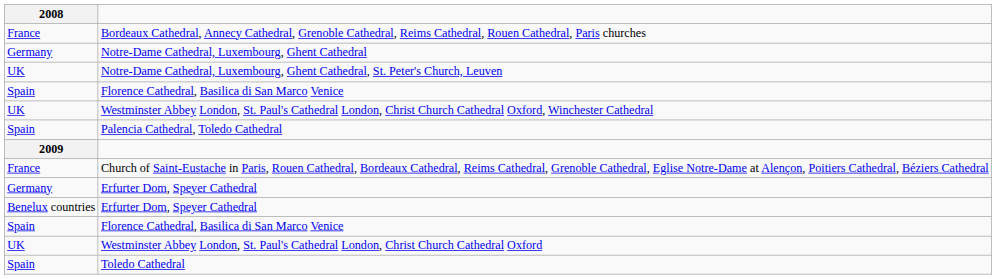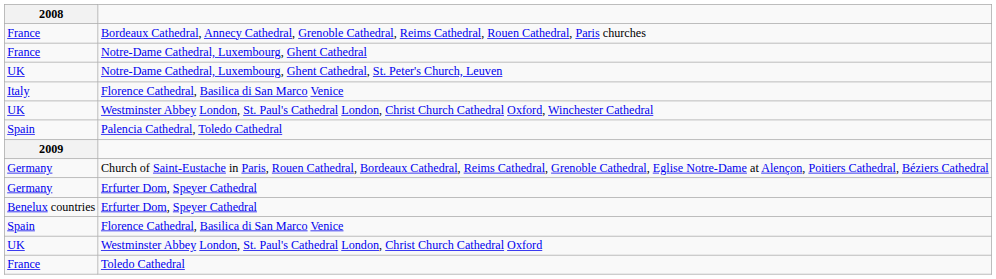 <table class="wikitable">
 <tr>
 <th>2008</th>
 </tr>
 <tr>
 <td><a href='#'>France</a></td>
 <td><a href='#'>Bordeaux Cathedral</a>, <a href='#'>Annecy Cathedral</a>, <a href='#'>Grenoble Cathedral</a>, <a href='#'>Reims Cathedral</a>, <a href='#'>Rouen Cathedral</a>, <a href='#'>Paris</a> churches</td>
 </tr>
 <tr>
-<td><a href='#'>Germany</a></td>
+<td><a href='#'>France</a></td>
 <td><a href='#'>Notre-Dame Cathedral, Luxembourg</a>, <a href='#'>Ghent Cathedral</a></td>
 </tr>
 <tr>
 <td><a href='#'>UK</a></td>
 <td><a href='#'>Notre-Dame Cathedral, Luxembourg</a>, <a href='#'>Ghent Cathedral</a>, <a href='#'>St. Peter's Church, Leuven</a></td>
 </tr>
 <tr>
-<td><a href='#'>Spain</a></td>
+<td><a href='#'>Italy</a></td>
 <td><a href='#'>Florence Cathedral</a>, <a href='#'>Basilica di San Marco</a> <a href='#'>Venice</a></td>
 </tr>
 <tr>
 <td><a href='#'>UK</a></td>
 <td><a href='#'>Westminster Abbey</a> <a href='#'>London</a>, <a href='#'>St. Paul's Cathedral</a> <a href='#'>London</a>, <a href='#'>Christ Church Cathedral</a> <a href='#'>Oxford</a>, <a href='#'>Winchester Cathedral</a></td>
 </tr>
 <tr>
 <td><a href='#'>Spain</a></td>
 <td><a href='#'>Palencia Cathedral</a>, <a href='#'>Toledo Cathedral</a></td>
 </tr>
 <tr>
 <th>2009</th>
 </tr>
 <tr>
-<td><a href='#'>France</a></td>
+<td><a href='#'>Germany</a></td>
 <td>Church of <a href='#'>Saint-Eustache</a> in <a href='#'>Paris</a>, <a href='#'>Rouen Cathedral</a>, <a href='#'>Bordeaux Cathedral</a>, <a href='#'>Reims Cathedral</a>, <a href='#'>Grenoble Cathedral</a>, <a href='#'>Eglise Notre-Dame</a> at <a href='#'>Alençon</a>, <a href='#'>Poitiers Cathedral</a>, <a href='#'>Béziers Cathedral</a></td>
 </tr>
 <tr>
 <td><a href='#'>Germany</a></td>
 <td><a href='#'>Erfurter Dom</a>, <a href='#'>Speyer Cathedral</a></td>
 </tr>
 <tr>
 <td><a href='#'>Benelux</a> countries</td>
 <td><a href='#'>Erfurter Dom</a>, <a href='#'>Speyer Cathedral</a></td>
 </tr>
 <tr>
 <td><a href='#'>Spain</a></td>
 <td><a href='#'>Florence Cathedral</a>, <a href='#'>Basilica di San Marco</a> <a href='#'>Venice</a></td>
 </tr>
 <tr>
 <td><a href='#'>UK</a></td>
 <td><a href='#'>Westminster Abbey</a> <a href='#'>London</a>, <a href='#'>St. Paul's Cathedral</a> <a href='#'>London</a>, <a href='#'>Christ Church Cathedral</a> <a href='#'>Oxford</a></td>
 </tr>
 <tr>
-<td><a href='#'>Spain</a></td>
+<td><a href='#'>France</a></td>
 <td><a href='#'>Toledo Cathedral</a></td>
 </tr>
 </table>
